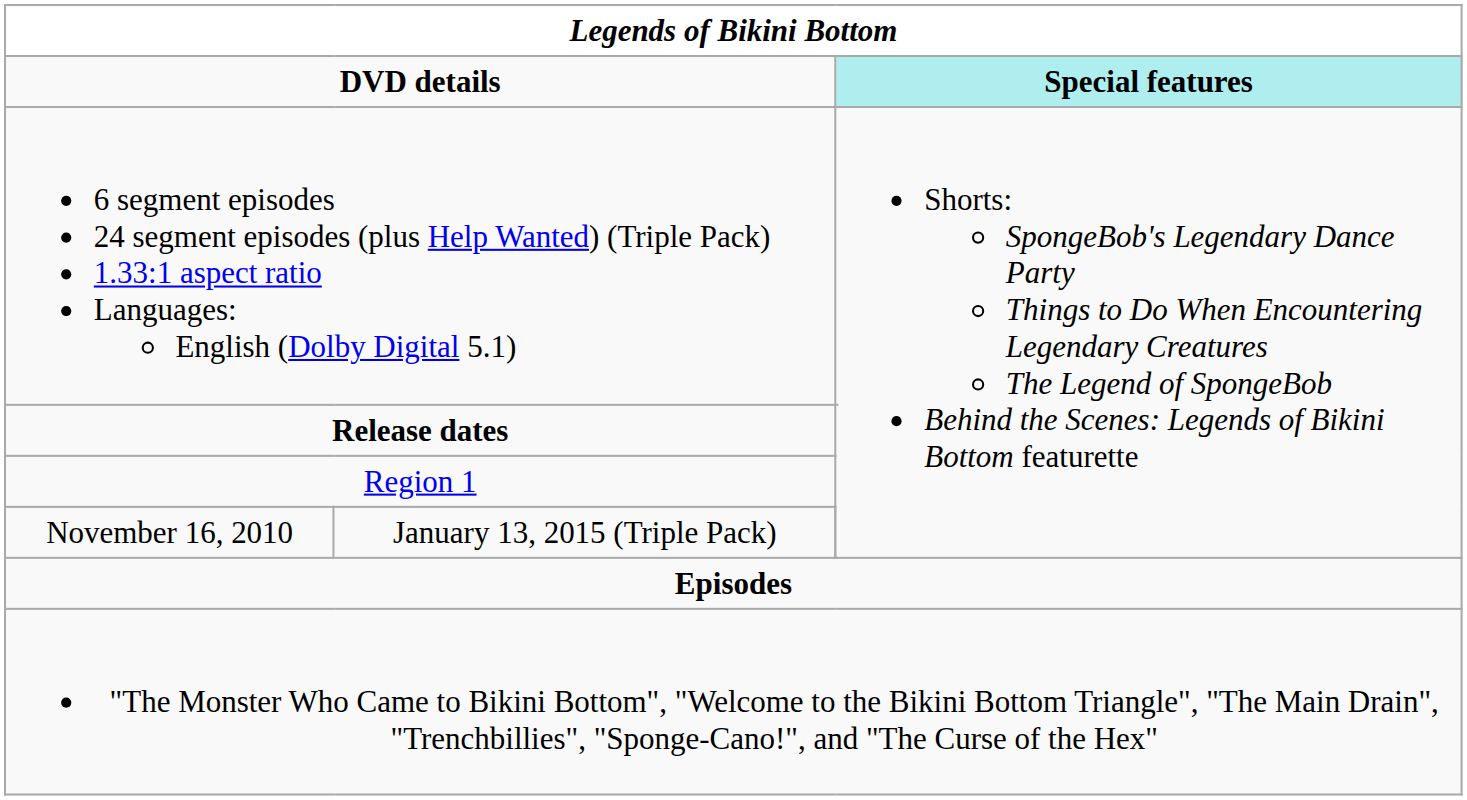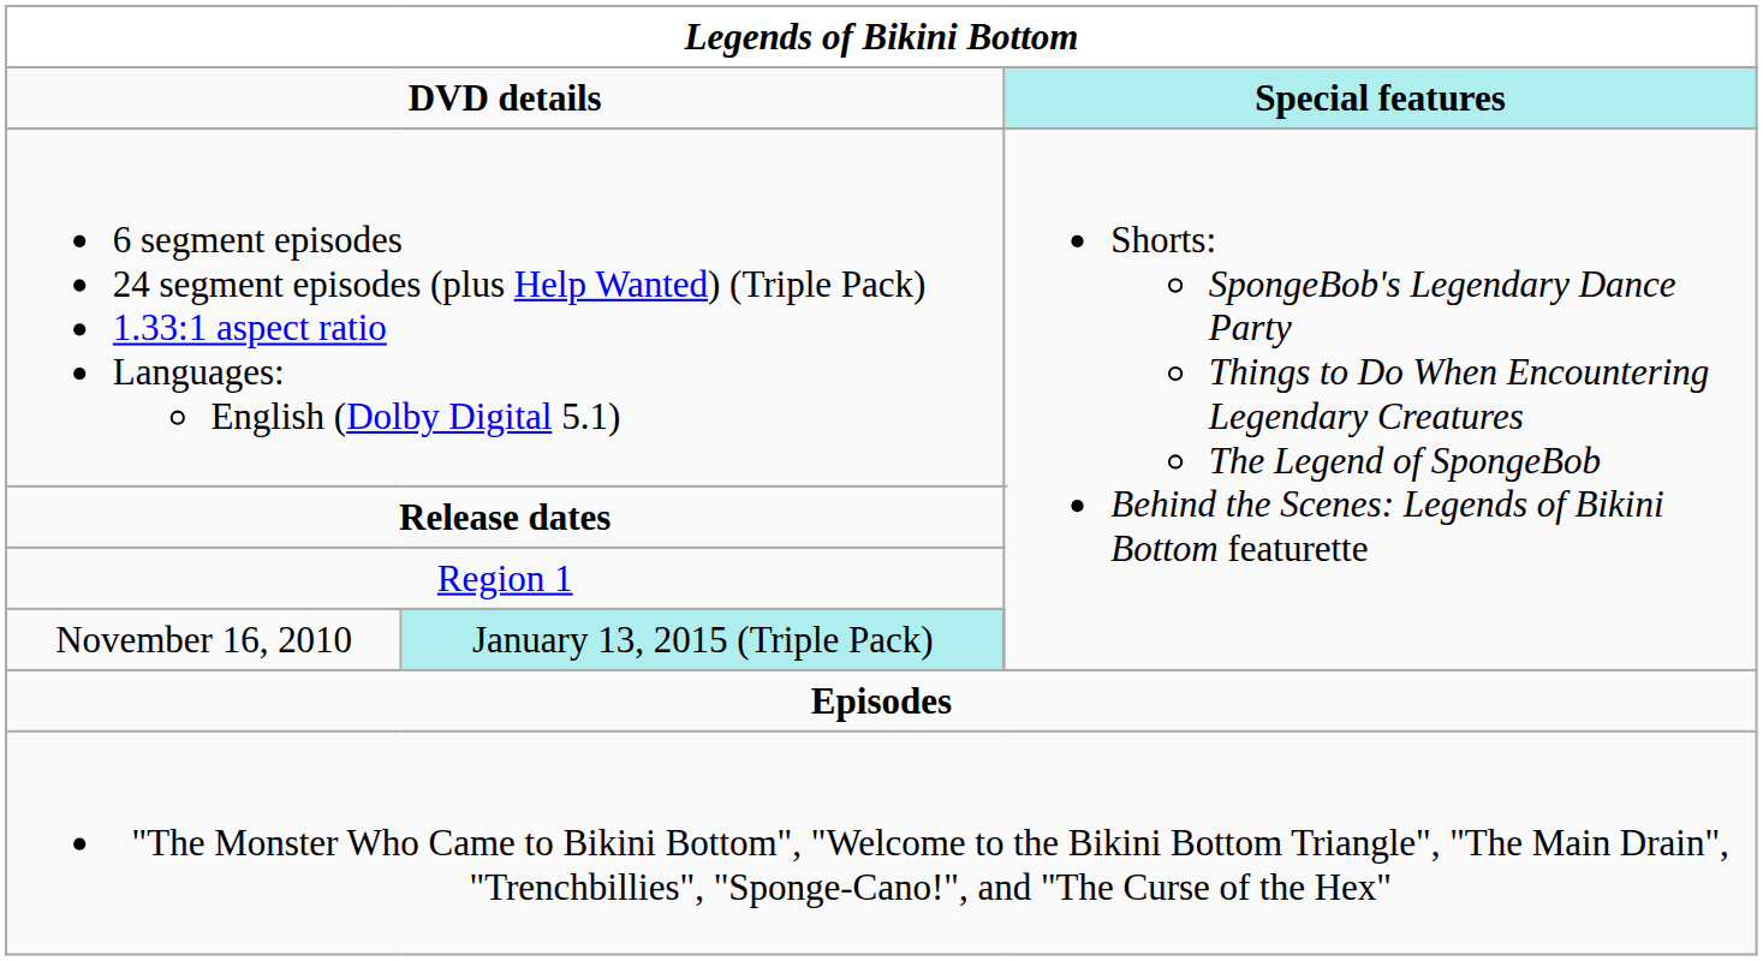 <table class="wikitable" style="font-size: 95%;">
 <tr style="background:#FFF; color:#000;">
 <td colspan="4" align="center"><strong><em>Legends of Bikini Bottom</em></strong></td>
 </tr>
 <tr valign="top">
 <td style="text-align:center; width:400px;" colspan="3"><strong>DVD details</strong></td>
 <td style="background: paleturquoise; width:300px; text-align:center;"><strong>Special features</strong></td>
 </tr>
 <tr valign="top">
 <td colspan="3" style="text-align:left; width:400px;"><br><ul><li>6 segment episodes</li><li>24 segment episodes (plus <a href='#'>Help Wanted</a>) (Triple Pack)</li><li><a href='#'>1.33:1 aspect ratio</a></li><li>Languages:<ul><li>English (<a href='#'>Dolby Digital</a> 5.1)</li></ul></li></ul></td>
 <td rowspan="4" style="text-align:left; width:300px;"><br><ul><li>Shorts:<ul><li><em>SpongeBob's Legendary Dance Party</em></li><li><em>Things to Do When Encountering Legendary Creatures</em></li><li><em>The Legend of SpongeBob</em></li></ul></li><li><em>Behind the Scenes: Legends of Bikini Bottom</em> featurette</li></ul></td>
 </tr>
 <tr>
 <td colspan="3" style="text-align:center;"><strong>Release dates</strong></td>
 </tr>
 <tr>
 <td colspan="3" style="text-align:center;"><a href='#'>Region 1</a></td>
 </tr>
 <tr style="text-align:center;">
 <td>November 16, 2010</td>
-<td>January 13, 2015 (Triple Pack)</td>
+<td style="background: paleturquoise;">January 13, 2015 (Triple Pack)</td>
 </tr>
 <tr>
 <td style="text-align:center; width:400px;" colspan="4"><strong>Episodes</strong></td>
 </tr>
 <tr>
 <td style="text-align:center; width:400px;" colspan="4"><br><ul><li>"The Monster Who Came to Bikini Bottom", "Welcome to the Bikini Bottom Triangle", "The Main Drain", "Trenchbillies", "Sponge-Cano!", and "The Curse of the Hex"</li></ul></td>
 </tr>
 </table>
